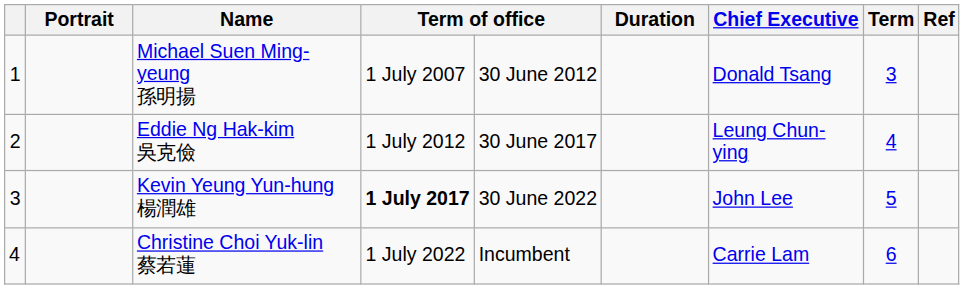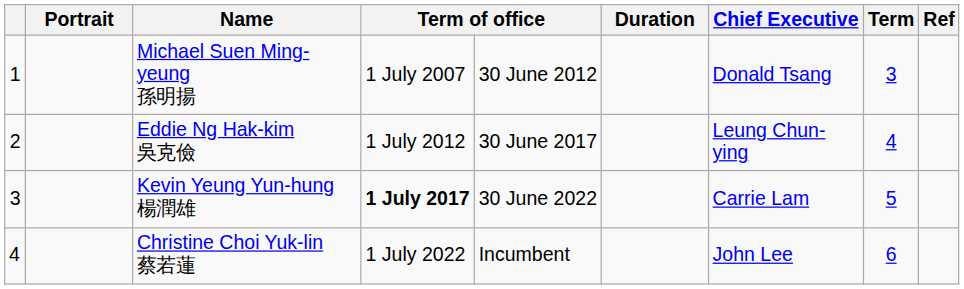 <table class="wikitable"  style="text-align:left">
 <tr>
 <th width="10"></th>
 <th width="80">Portrait</th>
 <th width="180">Name</th>
 <th width="180" colspan="2">Term of office</th>
 <th width="80">Duration</th>
 <th width="120"><a href='#'>Chief Executive</a></th>
 <th>Term</th>
 <th>Ref</th>
 </tr>
 <tr>
 <td align="center">1</td>
 <td></td>
 <td><a href='#'>Michael Suen Ming-yeung</a><br>孫明揚</td>
 <td>1 July 2007</td>
 <td>30 June 2012</td>
 <td></td>
 <td><a href='#'>Donald Tsang</a><br></td>
 <td align=center><a href='#'>3</a></td>
 <td></td>
 </tr>
 <tr>
 <td align="center">2</td>
 <td></td>
 <td><a href='#'>Eddie Ng Hak-kim</a><br>吳克儉</td>
 <td>1 July 2012</td>
 <td>30 June 2017</td>
 <td></td>
 <td><a href='#'>Leung Chun-ying</a><br></td>
 <td align=center><a href='#'>4</a></td>
 <td></td>
 </tr>
 <tr>
 <td align="center">3</td>
 <td></td>
 <td><a href='#'>Kevin Yeung Yun-hung</a><br>楊潤雄</td>
 <td><strong>1 July 2017</strong></td>
 <td>30 June 2022</td>
 <td></td>
-<td><a href='#'>John Lee</a><br></td>
+<td><a href='#'>Carrie Lam</a><br></td>
 <td align=center><a href='#'>5</a></td>
 <td></td>
 </tr>
 <tr>
 <td bgcolor=>4</td>
 <td></td>
 <td><a href='#'>Christine Choi Yuk-lin</a><br>蔡若蓮</td>
 <td>1 July 2022</td>
 <td>Incumbent</td>
 <td></td>
-<td><a href='#'>Carrie Lam</a><br></td>
+<td><a href='#'>John Lee</a><br></td>
 <td align=center><a href='#'>6</a></td>
 <td></td>
 </tr>
 </table>
